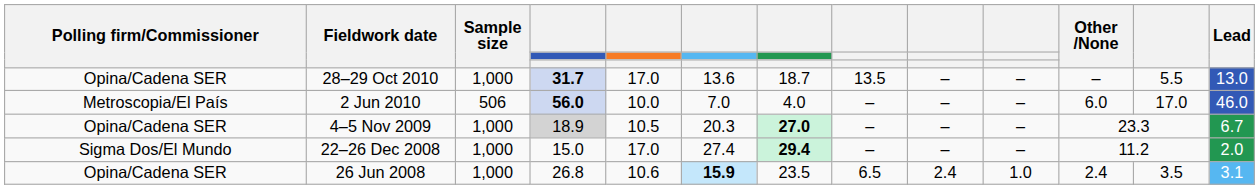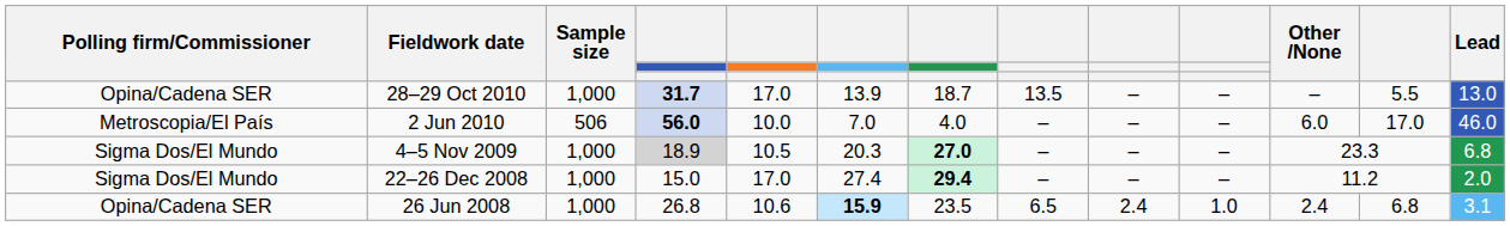 <table class="wikitable collapsible collapsed" style="text-align:center; font-size:90%; line-height:14px;">
 <tr style="height:42px;">
 <th style="width:260px;" rowspan="3">Polling firm/Commissioner</th>
 <th style="width:125px;" rowspan="3">Fieldwork date</th>
 <th style="width:60px;" rowspan="3">Sample size</th>
 <th style="width:60px;"></th>
 <th style="width:60px;"></th>
 <th style="width:60px;"></th>
 <th style="width:60px;"></th>
 <th style="width:60px;"></th>
 <th style="width:60px;"></th>
 <th style="width:60px;"></th>
 <th style="width:60px;" rowspan="3">Other<br>/None</th>
 <th style="width:60px;" rowspan="3"></th>
 <th style="width:30px;" rowspan="3">Lead</th>
 </tr>
 <tr>
 <th style="color:inherit;background:#3259B6;"></th>
 <th style="color:inherit;background:#F77B25;"></th>
 <th style="color:inherit;background:#56B7F1;"></th>
 <th style="color:inherit;background:#229751;"></th>
 <th style="color:inherit;background:"></th>
 <th style="color:inherit;background:"></th>
 <th style="color:inherit;background:"></th>
 </tr>
 <tr>
 <th></th>
 <th></th>
 <th></th>
 <th></th>
 <th></th>
 <th></th>
 <th></th>
 </tr>
 <tr>
 <td>Opina/Cadena SER</td>
 <td>28–29 Oct 2010</td>
 <td>1,000</td>
 <td style="color:inherit;background:#CDD8F1;"><strong>31.7</strong></td>
 <td>17.0</td>
-<td>13.6</td>
+<td>13.9</td>
 <td>18.7</td>
 <td>13.5</td>
 <td>–</td>
 <td>–</td>
 <td>–</td>
 <td>5.5</td>
 <td style="color:inherit;background:#3259B6; color:white;">13.0</td>
 </tr>
 <tr>
 <td>Metroscopia/El País</td>
 <td>2 Jun 2010</td>
 <td>506</td>
 <td style="color:inherit;background:#CDD8F1;"><strong>56.0</strong></td>
 <td>10.0</td>
 <td>7.0</td>
 <td>4.0</td>
 <td>–</td>
 <td>–</td>
 <td>–</td>
 <td>6.0</td>
 <td>17.0</td>
 <td style="color:inherit;background:#3259B6; color:white;">46.0</td>
 </tr>
 <tr>
-<td>Opina/Cadena SER</td>
+<td>Sigma Dos/El Mundo</td>
 <td>4–5 Nov 2009</td>
 <td>1,000</td>
 <td style="background: lightgrey;">18.9</td>
 <td>10.5</td>
 <td>20.3</td>
 <td style="color:inherit;background:#CBF3DB;"><strong>27.0</strong></td>
 <td>–</td>
 <td>–</td>
 <td>–</td>
 <td colspan="2">23.3</td>
-<td style="color:inherit;background:#229751; color:white;">6.7</td>
+<td style="color:inherit;background:#229751; color:white;">6.8</td>
 </tr>
 <tr>
 <td>Sigma Dos/El Mundo</td>
 <td>22–26 Dec 2008</td>
 <td>1,000</td>
 <td>15.0</td>
 <td>17.0</td>
 <td>27.4</td>
 <td style="color:inherit;background:#CBF3DB;"><strong>29.4</strong></td>
 <td>–</td>
 <td>–</td>
 <td>–</td>
 <td colspan="2">11.2</td>
 <td style="color:inherit;background:#229751; color:white;">2.0</td>
 </tr>
 <tr>
 <td>Opina/Cadena SER</td>
 <td>26 Jun 2008</td>
 <td>1,000</td>
 <td>26.8</td>
 <td>10.6</td>
 <td style="color:inherit;background:#C4E7FB;"><strong>15.9</strong></td>
 <td>23.5</td>
 <td>6.5</td>
 <td>2.4</td>
 <td>1.0</td>
 <td>2.4</td>
-<td>3.5</td>
+<td>6.8</td>
 <td style="color:inherit;background:#56B7F1; color:white;">3.1</td>
 </tr>
 </table>
